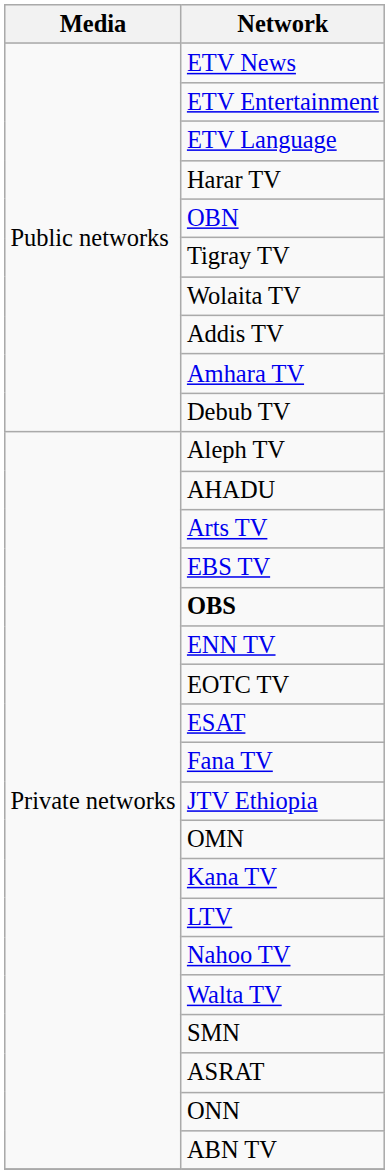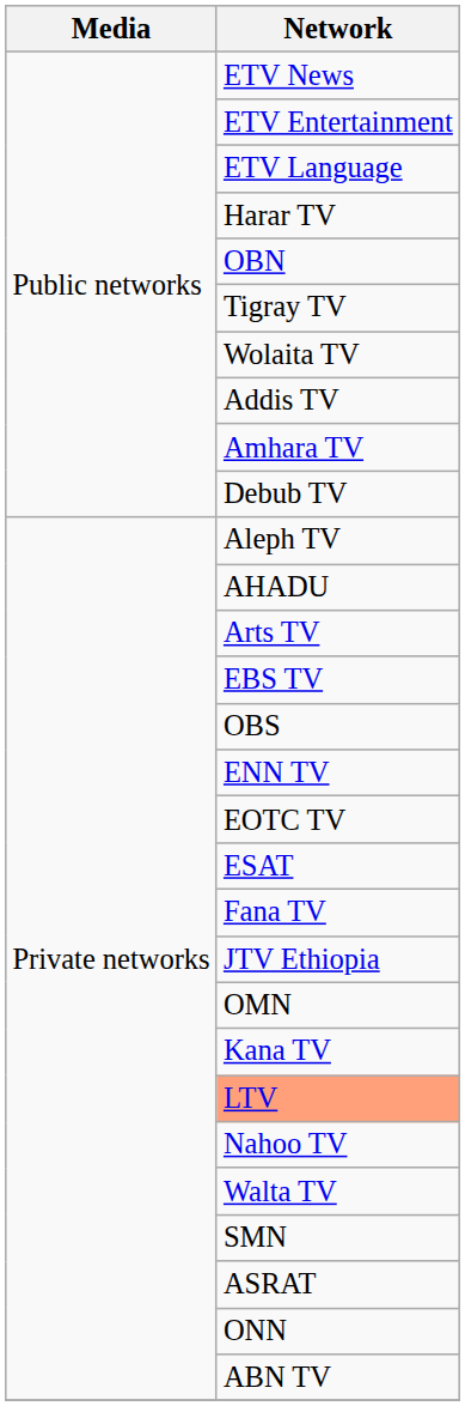 <table class="wikitable sortable">
 <tr>
 <th>Media</th>
 <th>Network</th>
 </tr>
 <tr>
 <td rowspan="10">Public networks</td>
 <td><a href='#'>ETV News</a></td>
 </tr>
 <tr>
 <td><a href='#'>ETV Entertainment</a></td>
 </tr>
 <tr>
 <td><a href='#'>ETV Language</a></td>
 </tr>
 <tr>
 <td>Harar TV</td>
 </tr>
 <tr>
 <td><a href='#'>OBN</a></td>
 </tr>
 <tr>
 <td>Tigray TV</td>
 </tr>
 <tr>
 <td>Wolaita TV</td>
 </tr>
 <tr>
 <td>Addis TV</td>
 </tr>
 <tr>
 <td><a href='#'>Amhara TV</a></td>
 </tr>
 <tr>
 <td>Debub TV</td>
 </tr>
 <tr>
 <td rowspan="19">Private networks</td>
 <td>Aleph TV</td>
 </tr>
 <tr>
 <td>AHADU</td>
 </tr>
 <tr>
 <td><a href='#'>Arts TV</a></td>
 </tr>
 <tr>
 <td><a href='#'>EBS TV</a></td>
 </tr>
 <tr>
-<td><strong>OBS</strong></td>
+<td>OBS</td>
 </tr>
 <tr>
 <td><a href='#'>ENN TV</a></td>
 </tr>
 <tr>
 <td>EOTC TV</td>
 </tr>
 <tr>
 <td><a href='#'>ESAT</a></td>
 </tr>
 <tr>
 <td><a href='#'>Fana TV</a></td>
 </tr>
 <tr>
 <td><a href='#'>JTV Ethiopia</a></td>
 </tr>
 <tr>
 <td>OMN</td>
 </tr>
 <tr>
 <td><a href='#'>Kana TV</a></td>
 </tr>
 <tr>
-<td><a href='#'>LTV</a></td>
+<td style="background: lightsalmon;"><a href='#'>LTV</a></td>
 </tr>
 <tr>
 <td><a href='#'>Nahoo TV</a></td>
 </tr>
 <tr>
 <td><a href='#'>Walta TV</a></td>
 </tr>
 <tr>
 <td>SMN</td>
 </tr>
 <tr>
 <td>ASRAT</td>
 </tr>
 <tr>
 <td>ONN</td>
 </tr>
 <tr>
 <td>ABN TV</td>
 </tr>
 <tr>
 </tr>
 </table>
